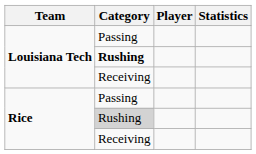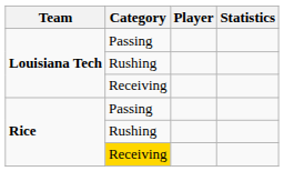 <table class="wikitable" style="float: right;">
 <tr>
 <th>Team</th>
 <th>Category</th>
 <th>Player</th>
 <th>Statistics</th>
 </tr>
 <tr>
 <td rowspan=3><strong>Louisiana Tech</strong></td>
 <td>Passing</td>
 <td></td>
 <td></td>
 </tr>
 <tr>
-<td><strong>Rushing</strong></td>
+<td>Rushing</td>
 <td></td>
 <td></td>
 </tr>
 <tr>
 <td>Receiving</td>
 <td></td>
 <td></td>
 </tr>
 <tr>
 <td rowspan=3><strong>Rice</strong></td>
 <td>Passing</td>
 <td></td>
 <td></td>
 </tr>
 <tr>
-<td style="background: lightgrey;">Rushing</td>
+<td>Rushing</td>
 <td></td>
 <td></td>
 </tr>
 <tr>
-<td>Receiving</td>
+<td style="background: gold;">Receiving</td>
 <td></td>
 <td></td>
 </tr>
 </table>
